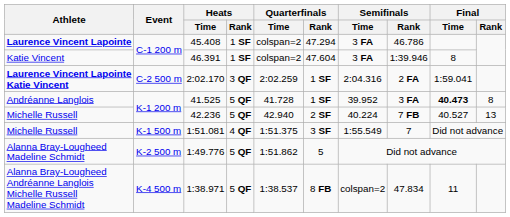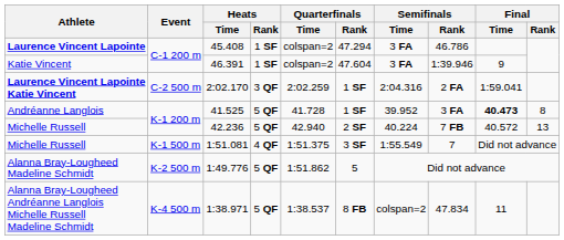 <table class=wikitable style=font-size:90%;text-align:center>
 <tr>
 <th rowspan=2>Athlete</th>
 <th rowspan=2>Event</th>
 <th colspan=2>Heats</th>
 <th colspan=2>Quarterfinals</th>
 <th colspan=2>Semifinals</th>
 <th colspan=2>Final</th>
 </tr>
 <tr style=font-size:95%>
 <th>Time</th>
 <th>Rank</th>
 <th>Time</th>
 <th>Rank</th>
 <th>Time</th>
 <th>Rank</th>
 <th>Time</th>
 <th>Rank</th>
 </tr>
 <tr>
 <td align=left><strong><a href='#'>Laurence Vincent Lapointe</a></strong></td>
 <td align=left rowspan=2><a href='#'>C-1 200 m</a></td>
 <td>45.408</td>
 <td>1 <strong>SF</strong></td>
 <td>colspan=2 </td>
 <td>47.294</td>
 <td>3 <strong>FA</strong></td>
 <td>46.786</td>
 <td></td>
 </tr>
 <tr>
 <td align=left><a href='#'>Katie Vincent</a></td>
 <td>46.391</td>
 <td>1 <strong>SF</strong></td>
 <td>colspan=2 </td>
 <td>47.604</td>
 <td>3 <strong>FA</strong></td>
 <td>1:39.946</td>
-<td>8</td>
+<td>9</td>
 </tr>
 <tr>
 <td align=left><strong><a href='#'>Laurence Vincent Lapointe</a><br><a href='#'>Katie Vincent</a></strong></td>
 <td align=left><a href='#'>C-2 500 m</a></td>
 <td>2:02.170</td>
 <td>3 <strong>QF</strong></td>
 <td>2:02.259</td>
 <td>1 <strong>SF</strong></td>
 <td>2:04.316</td>
 <td>2 <strong>FA</strong></td>
 <td>1:59.041</td>
 <td></td>
 </tr>
 <tr>
 <td align=left><a href='#'>Andréanne Langlois</a></td>
 <td align=left rowspan=2><a href='#'>K-1 200 m</a></td>
 <td>41.525</td>
 <td>5 <strong>QF</strong></td>
 <td>41.728</td>
 <td>1 <strong>SF</strong></td>
 <td>39.952</td>
 <td>3 <strong>FA</strong></td>
 <td><strong>40.473</strong></td>
 <td>8</td>
 </tr>
 <tr>
 <td align=left><a href='#'>Michelle Russell</a></td>
 <td>42.236</td>
 <td>5 <strong>QF</strong></td>
 <td>42.940</td>
 <td>2 <strong>SF</strong></td>
 <td>40.224</td>
 <td>7 <strong>FB</strong></td>
-<td>40.527</td>
+<td>40.572</td>
 <td>13</td>
 </tr>
 <tr>
 <td align=left><a href='#'>Michelle Russell</a></td>
 <td align=left><a href='#'>K-1 500 m</a></td>
 <td>1:51.081</td>
 <td>4 <strong>QF</strong></td>
 <td>1:51.375</td>
 <td>3 <strong>SF</strong></td>
 <td>1:55.549</td>
 <td>7</td>
 <td colspan=2>Did not advance</td>
 </tr>
 <tr>
 <td align=left><a href='#'>Alanna Bray-Lougheed</a><br><a href='#'>Madeline Schmidt</a></td>
 <td align=left><a href='#'>K-2 500 m</a></td>
 <td>1:49.776</td>
 <td>5 <strong>QF</strong></td>
 <td>1:51.862</td>
 <td>5</td>
 <td colspan=4>Did not advance</td>
 </tr>
 <tr>
 <td align=left><a href='#'>Alanna Bray-Lougheed</a><br><a href='#'>Andréanne Langlois</a><br><a href='#'>Michelle Russell</a><br><a href='#'>Madeline Schmidt</a></td>
 <td align=left><a href='#'>K-4 500 m</a></td>
 <td>1:38.971</td>
 <td>5 <strong>QF</strong></td>
 <td>1:38.537</td>
 <td>8 <strong>FB</strong></td>
 <td>colspan=2 </td>
 <td>47.834</td>
 <td>11</td>
 </tr>
 </table>
